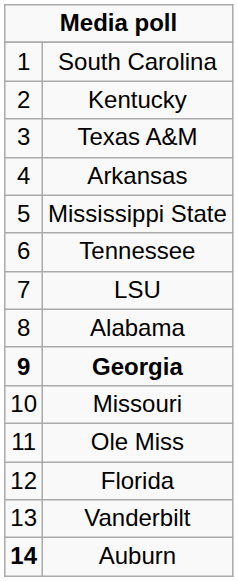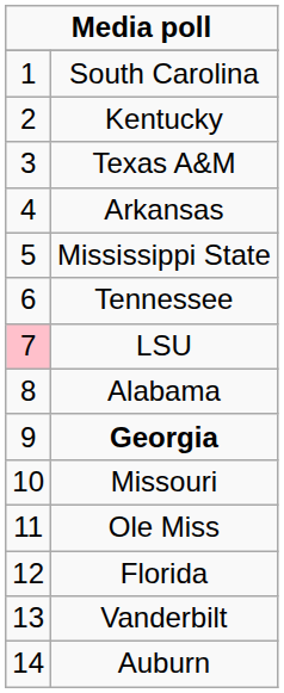 <table class="wikitable">
 <tr align="center">
 <td align="center" Colspan="2"><strong>Media poll</strong></td>
 </tr>
 <tr align="center">
 </tr>
 <tr align="center">
 <td>1</td>
 <td>South Carolina</td>
 </tr>
 <tr align="center">
 <td>2</td>
 <td>Kentucky</td>
 </tr>
 <tr align="center">
 <td>3</td>
 <td>Texas A&M</td>
 </tr>
 <tr align="center">
 <td>4</td>
 <td>Arkansas</td>
 </tr>
 <tr align="center">
 <td>5</td>
 <td>Mississippi State</td>
 </tr>
 <tr align="center">
 <td>6</td>
 <td>Tennessee</td>
 </tr>
 <tr align="center">
-<td>7</td>
+<td style="background: pink;">7</td>
 <td>LSU</td>
 </tr>
 <tr align="center">
 <td>8</td>
 <td>Alabama</td>
 </tr>
 <tr align="center">
-<td><strong>9</strong></td>
+<td>9</td>
 <td><strong>Georgia</strong></td>
 </tr>
 <tr align="center">
 <td>10</td>
 <td>Missouri</td>
 </tr>
 <tr align="center">
 <td>11</td>
 <td>Ole Miss</td>
 </tr>
 <tr align="center">
 <td>12</td>
 <td>Florida</td>
 </tr>
 <tr align="center">
 <td>13</td>
 <td>Vanderbilt</td>
 </tr>
 <tr align="center">
-<td><strong>14</strong></td>
+<td>14</td>
 <td>Auburn</td>
 </tr>
 </table>
